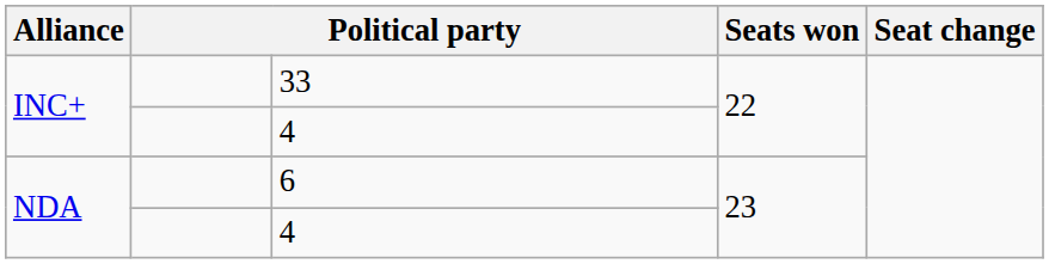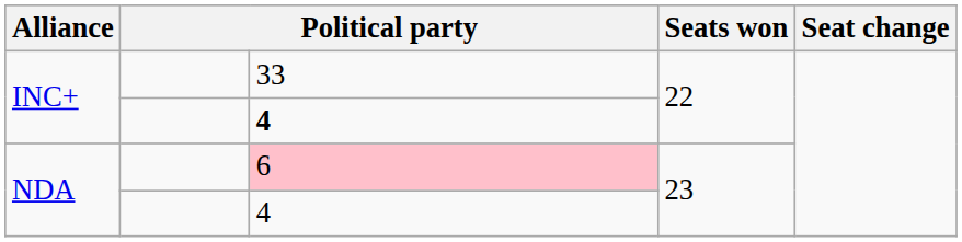 <table class="wikitable">
 <tr>
 <th>Alliance</th>
 <th colspan="2" style="width:18em">Political party</th>
 <th>Seats won</th>
 <th>Seat change</th>
 </tr>
 <tr>
 <td rowspan="2"><a href='#'>INC+</a></td>
 <td></td>
 <td>33</td>
 <td rowspan="2"> 22</td>
 </tr>
 <tr>
 <td></td>
-<td>4</td>
+<td><strong>4</strong></td>
 </tr>
 <tr>
 <td rowspan="2"><a href='#'>NDA</a></td>
 <td></td>
-<td>6</td>
+<td style="background: pink;">6</td>
 <td rowspan="2"> 23</td>
 </tr>
 <tr>
 <td></td>
 <td>4</td>
 </tr>
 </table>
